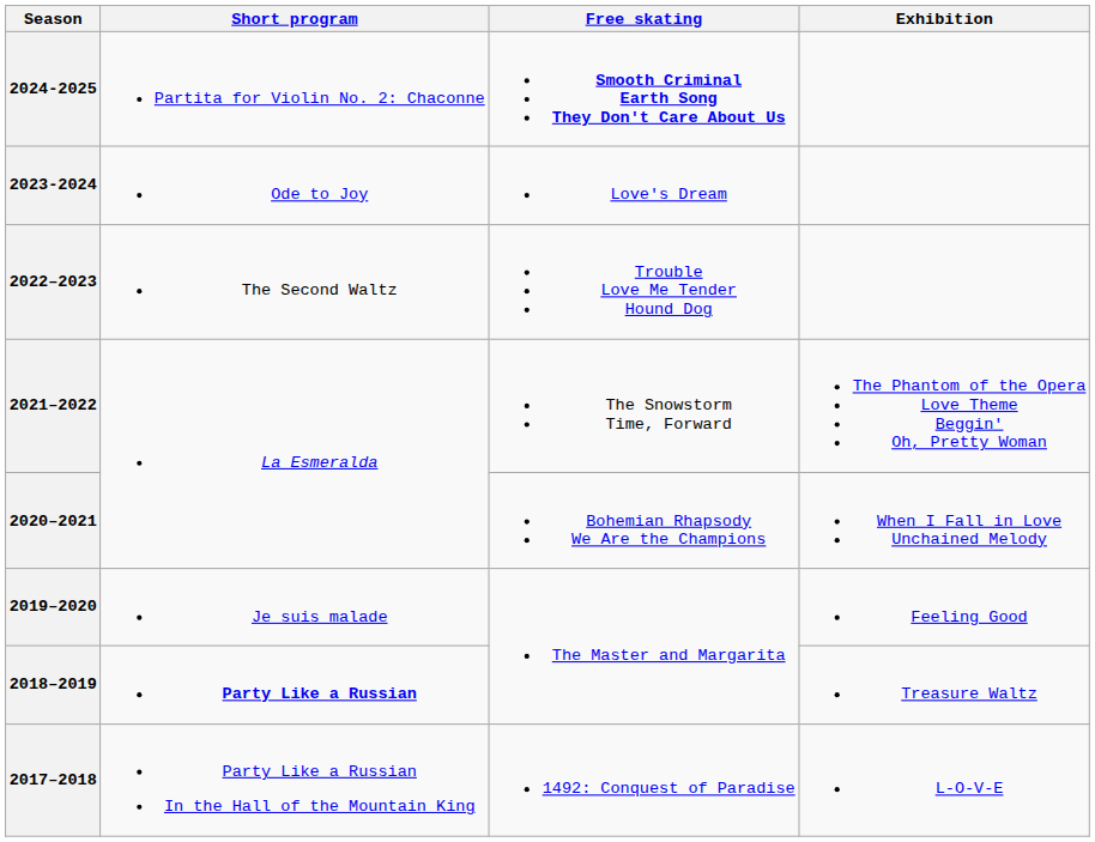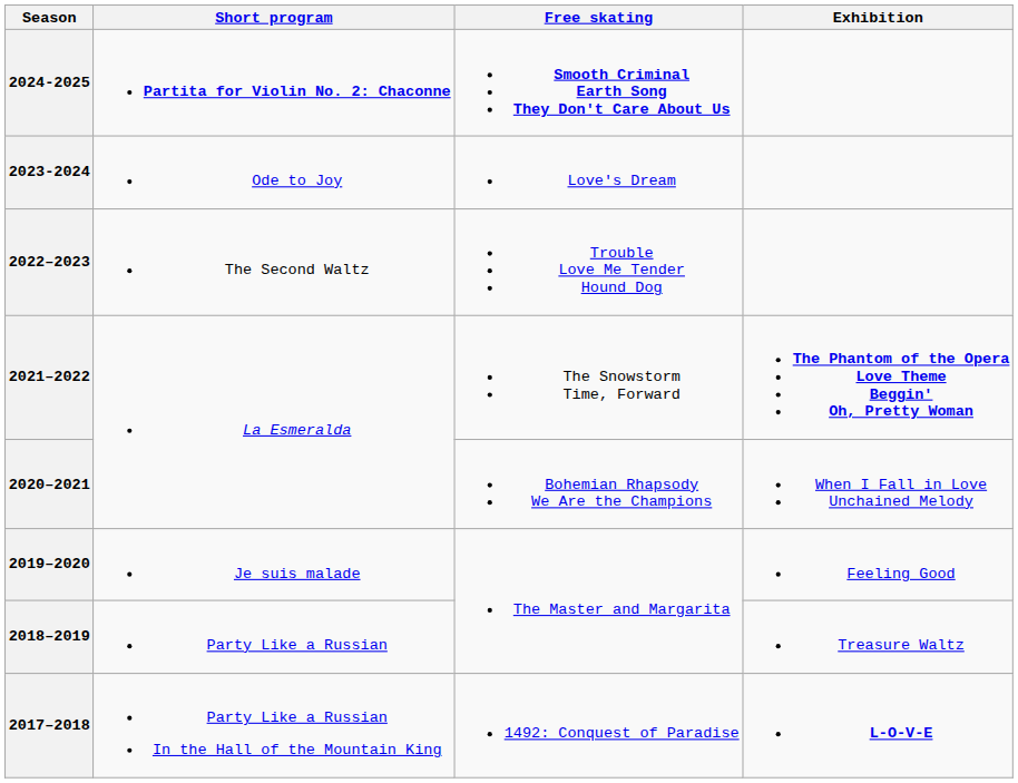 <table class=wikitable style=text-align:center>
 <tr>
 <th>Season</th>
 <th><a href='#'>Short program</a></th>
 <th><a href='#'>Free skating</a></th>
 <th>Exhibition</th>
 </tr>
 <tr>
 <th>2024-2025</th>
-<td><br><ul><li><a href='#'>Partita for Violin No. 2: Chaconne</a><br> </li></ul></td>
+<td><strong><br><ul><li><a href='#'>Partita for Violin No. 2: Chaconne</a><br> </li></ul></strong></td>
 <td><strong><br><ul><li><a href='#'>Smooth Criminal</a></li><li><a href='#'>Earth Song</a></li><li><a href='#'>They Don't Care About Us</a> <br> </li></ul></strong></td>
 <td></td>
 </tr>
 <tr>
 <th>2023-2024</th>
 <td><br><ul><li><a href='#'>Ode to Joy</a><br> </li></ul></td>
 <td><br><ul><li><a href='#'>Love's Dream</a> <br> </li></ul></td>
 <td></td>
 </tr>
 <tr>
 <th>2022–2023</th>
 <td><br><ul><li>The Second Waltz <br> </li></ul></td>
 <td><br><ul><li><a href='#'>Trouble</a></li><li><a href='#'>Love Me Tender</a></li><li><a href='#'>Hound Dog</a> <br> </li></ul></td>
 </tr>
 <tr>
 <th>2021–2022 <br> </th>
 <td rowspan=2><br><ul><li><a href='#'><em>La Esmeralda</em></a> <br> </li></ul></td>
 <td><br><ul><li>The Snowstorm</li><li>Time, Forward <br> </li></ul></td>
-<td><br><ul><li><a href='#'>The Phantom of the Opera</a> <br> </li><li><a href='#'>Love Theme</a> <br> </li><li><a href='#'>Beggin'</a> <br> </li><li><a href='#'>Oh, Pretty Woman</a> <br> </li></ul></td>
+<td><strong><br><ul><li><a href='#'>The Phantom of the Opera</a> <br> </li><li><a href='#'>Love Theme</a> <br> </li><li><a href='#'>Beggin'</a> <br> </li><li><a href='#'>Oh, Pretty Woman</a> <br> </li></ul></strong></td>
 </tr>
 <tr>
 <th>2020–2021 <br> </th>
 <td><br><ul><li><a href='#'>Bohemian Rhapsody</a></li><li><a href='#'>We Are the Champions</a> <br> </li></ul></td>
 <td><br><ul><li><a href='#'>When I Fall in Love</a> <br> </li><li><a href='#'>Unchained Melody</a>  <br> </li></ul></td>
 </tr>
 <tr>
 <th>2019–2020 <br> </th>
 <td><br><ul><li><a href='#'>Je suis malade</a> <br> </li></ul></td>
 <td rowspan=2><br><ul><li><a href='#'>The Master and Margarita</a> <br></li></ul></td>
 <td><br><ul><li><a href='#'>Feeling Good</a> <br> </li></ul></td>
 </tr>
 <tr>
 <th>2018–2019 <br> </th>
-<td><strong><br><ul><li><a href='#'>Party Like a Russian</a> <br></li></ul></strong></td>
+<td><br><ul><li><a href='#'>Party Like a Russian</a> <br></li></ul></td>
 <td><br><ul><li><a href='#'>Treasure Waltz</a> <br></li></ul></td>
 </tr>
 <tr>
 <th>2017–2018 <br> </th>
 <td><br><ul><li><a href='#'>Party Like a Russian</a> <br></li></ul><ul><li><a href='#'>In the Hall of the Mountain King</a> <br></li></ul></td>
 <td><br><ul><li><a href='#'>1492: Conquest of Paradise</a> <br></li></ul></td>
-<td><br><ul><li><a href='#'>L-O-V-E</a> <br></li></ul></td>
+<td><strong><br><ul><li><a href='#'>L-O-V-E</a> <br></li></ul></strong></td>
 </tr>
 </table>
